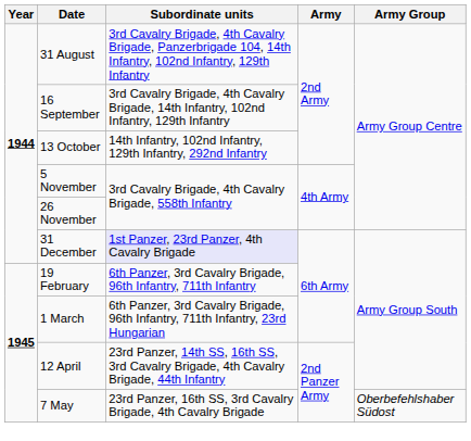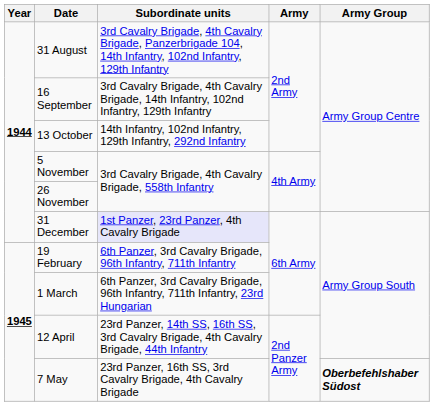 <table class="wikitable">
 <tr>
 <th>Year</th>
 <th>Date</th>
 <th>Subordinate units</th>
 <th>Army</th>
 <th>Army Group</th>
 </tr>
 <tr>
 <td rowspan="6"><strong><u>1944</u></strong></td>
 <td>31 August</td>
 <td><a href='#'>3rd Cavalry Brigade</a>, <a href='#'>4th Cavalry Brigade</a>, <a href='#'>Panzerbrigade 104</a>, <a href='#'>14th Infantry</a>, <a href='#'>102nd Infantry</a>, <a href='#'>129th Infantry</a></td>
 <td rowspan="3"><a href='#'>2nd Army</a></td>
 <td rowspan="5"><a href='#'>Army Group Centre</a></td>
 </tr>
 <tr>
 <td>16 September</td>
 <td>3rd Cavalry Brigade, 4th Cavalry Brigade, 14th Infantry, 102nd Infantry, 129th Infantry</td>
 </tr>
 <tr>
 <td>13 October</td>
 <td>14th Infantry, 102nd Infantry, 129th Infantry, <a href='#'>292nd Infantry</a></td>
 </tr>
 <tr>
 <td>5 November</td>
 <td rowspan="2">3rd Cavalry Brigade, 4th Cavalry Brigade, <a href='#'>558th Infantry</a></td>
 <td rowspan="2"><a href='#'>4th Army</a></td>
 </tr>
 <tr>
 <td>26 November</td>
 </tr>
 <tr>
 <td>31 December</td>
 <td style="background: lavender;"><a href='#'>1st Panzer</a>, <a href='#'>23rd Panzer</a>, 4th Cavalry Brigade</td>
 <td rowspan="3"><a href='#'>6th Army</a></td>
 <td rowspan="4"><a href='#'>Army Group South</a></td>
 </tr>
 <tr>
 <td rowspan="4"><strong><u>1945</u></strong></td>
 <td>19 February</td>
 <td><a href='#'>6th Panzer</a>, 3rd Cavalry Brigade, <a href='#'>96th Infantry</a>, <a href='#'>711th Infantry</a></td>
 </tr>
 <tr>
 <td>1 March</td>
 <td>6th Panzer, 3rd Cavalry Brigade, 96th Infantry, 711th Infantry, <a href='#'>23rd Hungarian</a></td>
 </tr>
 <tr>
 <td>12 April</td>
 <td>23rd Panzer, <a href='#'>14th SS</a>, <a href='#'>16th SS</a>, 3rd Cavalry Brigade, 4th Cavalry Brigade, <a href='#'>44th Infantry</a></td>
 <td rowspan="2"><a href='#'>2nd Panzer Army</a></td>
 </tr>
 <tr>
 <td>7 May</td>
 <td>23rd Panzer, 16th SS, 3rd Cavalry Brigade, 4th Cavalry Brigade</td>
-<td><em>Oberbefehlshaber Südost</em></td>
+<td><strong><em>Oberbefehlshaber Südost</em></strong></td>
 </tr>
 </table>
